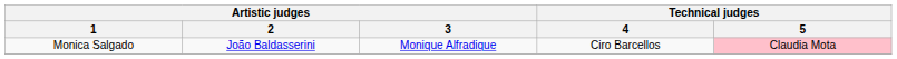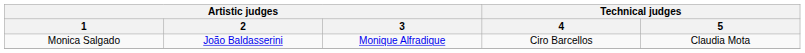 <table class="wikitable" style="font-size:100%; line-height:16px; text-align:center" width="100%">
 <tr>
 <th colspan=3>Artistic judges</th>
 <th colspan=2>Technical judges</th>
 </tr>
 <tr>
 <th style="width:20.0%;">1</th>
 <th style="width:20.0%;">2</th>
 <th style="width:20.0%;">3</th>
 <th style="width:20.0%;">4</th>
 <th style="width:20.0%;">5</th>
 </tr>
 <tr>
 <td>Monica Salgado</td>
 <td><a href='#'>João Baldasserini</a></td>
 <td><a href='#'>Monique Alfradique</a></td>
 <td>Ciro Barcellos</td>
-<td style="background: pink;">Claudia Mota</td>
+<td>Claudia Mota</td>
 </tr>
 <tr>
 </tr>
 </table>
